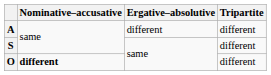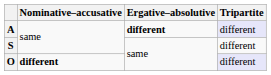 <table class="wikitable">
 <tr>
 <th> </th>
 <th>Nominative–accusative</th>
 <th>Ergative–absolutive</th>
 <th>Tripartite</th>
 </tr>
 <tr>
 <th>A</th>
 <td rowspan=2>same</td>
-<td>different</td>
-<td>different</td>
+<td><strong>different</strong></td>
+<td style="background: lavender;">different</td>
 </tr>
 <tr>
 <th>S</th>
 <td rowspan=2>same</td>
 <td>different</td>
 </tr>
 <tr>
 <th>O</th>
 <td><strong>different</strong></td>
-<td>different</td>
+<td style="background: lavender;">different</td>
 </tr>
 </table>
